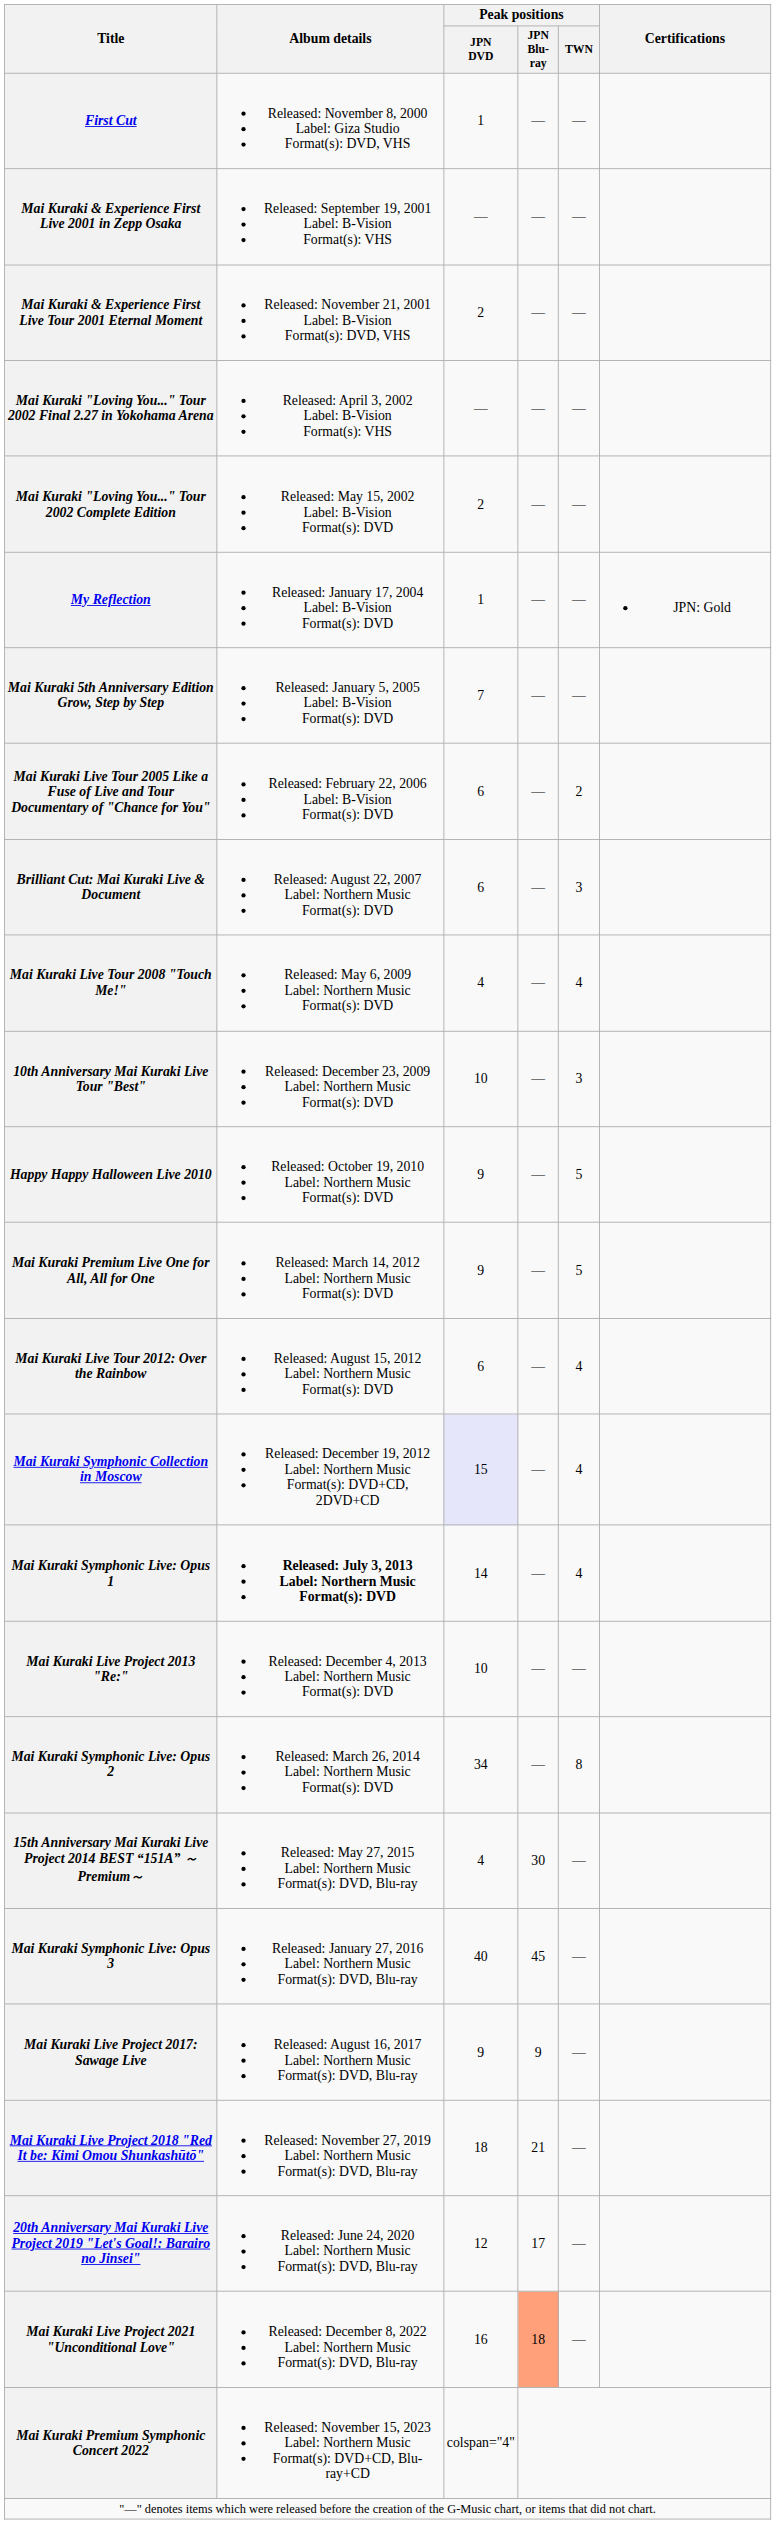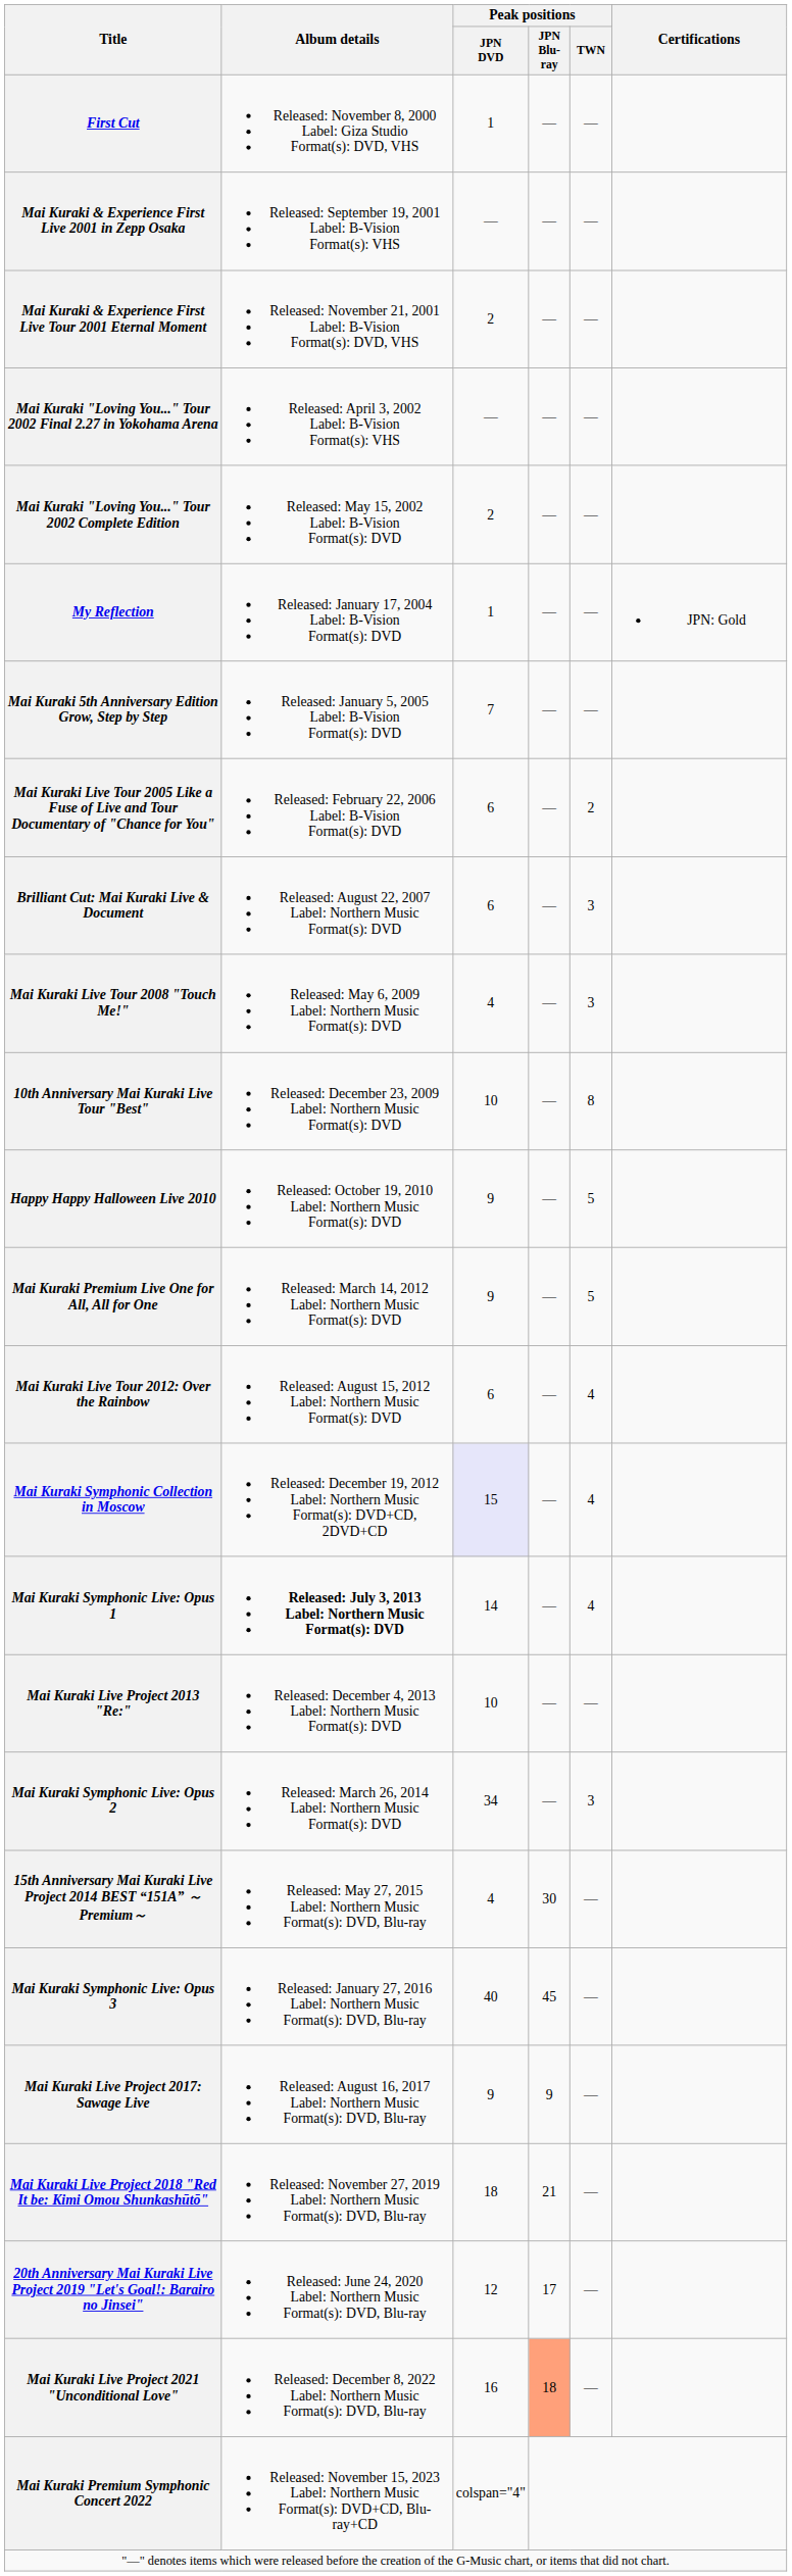 <table class="wikitable plainrowheaders" style="text-align:center;">
 <tr>
 <th style="width:15em;" rowspan="2">Title</th>
 <th style="width:16em;" rowspan="2">Album details</th>
 <th colspan="3">Peak positions</th>
 <th style="width:12em;" rowspan="2">Certifications</th>
 </tr>
 <tr>
 <th style="width:3em;font-size:85%;">JPN<br>DVD</th>
 <th style="width:3em;font-size:85%;">JPN<br>Blu-ray</th>
 <th style="width:3em;font-size:85%;">TWN<br></th>
 </tr>
 <tr>
 <th scope="row"><em><a href='#'>First Cut</a></em></th>
 <td><br><ul><li>Released: November 8, 2000</li><li>Label: Giza Studio</li><li>Format(s): DVD, VHS</li></ul></td>
 <td>1</td>
 <td>—</td>
 <td>—</td>
 <td></td>
 </tr>
 <tr>
 <th scope="row"><em>Mai Kuraki & Experience First Live 2001 in Zepp Osaka</em></th>
 <td><br><ul><li>Released: September 19, 2001</li><li>Label: B-Vision</li><li>Format(s): VHS</li></ul></td>
 <td>—</td>
 <td>—</td>
 <td>—</td>
 <td></td>
 </tr>
 <tr>
 <th scope="row"><em>Mai Kuraki & Experience First Live Tour 2001 Eternal Moment</em></th>
 <td><br><ul><li>Released: November 21, 2001</li><li>Label: B-Vision</li><li>Format(s): DVD, VHS</li></ul></td>
 <td>2</td>
 <td>—</td>
 <td>—</td>
 <td></td>
 </tr>
 <tr>
 <th scope="row"><em>Mai Kuraki "Loving You..." Tour 2002 Final 2.27 in Yokohama Arena</em></th>
 <td><br><ul><li>Released: April 3, 2002</li><li>Label: B-Vision</li><li>Format(s): VHS</li></ul></td>
 <td>—</td>
 <td>—</td>
 <td>—</td>
 <td></td>
 </tr>
 <tr>
 <th scope="row"><em>Mai Kuraki "Loving You..." Tour 2002 Complete Edition</em></th>
 <td><br><ul><li>Released: May 15, 2002</li><li>Label: B-Vision</li><li>Format(s): DVD</li></ul></td>
 <td>2</td>
 <td>—</td>
 <td>—</td>
 <td></td>
 </tr>
 <tr>
 <th scope="row"><em><a href='#'>My Reflection</a></em></th>
 <td><br><ul><li>Released: January 17, 2004</li><li>Label: B-Vision</li><li>Format(s): DVD</li></ul></td>
 <td>1</td>
 <td>—</td>
 <td>—</td>
 <td><br><ul><li>JPN: Gold</li></ul></td>
 </tr>
 <tr>
 <th scope="row"><em>Mai Kuraki 5th Anniversary Edition Grow, Step by Step</em></th>
 <td><br><ul><li>Released: January 5, 2005</li><li>Label: B-Vision</li><li>Format(s): DVD</li></ul></td>
 <td>7</td>
 <td>—</td>
 <td>—</td>
 <td></td>
 </tr>
 <tr>
 <th scope="row"><em>Mai Kuraki Live Tour 2005 Like a Fuse of Live and Tour Documentary of "Chance for You"</em></th>
 <td><br><ul><li>Released: February 22, 2006</li><li>Label: B-Vision</li><li>Format(s): DVD</li></ul></td>
 <td>6</td>
 <td>—</td>
 <td>2</td>
 <td></td>
 </tr>
 <tr>
 <th scope="row"><em>Brilliant Cut: Mai Kuraki Live & Document</em></th>
 <td><br><ul><li>Released: August 22, 2007</li><li>Label: Northern Music</li><li>Format(s): DVD</li></ul></td>
 <td>6</td>
 <td>—</td>
 <td>3</td>
 <td></td>
 </tr>
 <tr>
 <th scope="row"><em>Mai Kuraki Live Tour 2008 "Touch Me!"</em></th>
 <td><br><ul><li>Released: May 6, 2009</li><li>Label: Northern Music</li><li>Format(s): DVD</li></ul></td>
 <td>4</td>
 <td>—</td>
-<td>4</td>
+<td>3</td>
 <td></td>
 </tr>
 <tr>
 <th scope="row"><em>10th Anniversary Mai Kuraki Live Tour "Best"</em></th>
 <td><br><ul><li>Released:  December 23, 2009</li><li>Label: Northern Music</li><li>Format(s): DVD</li></ul></td>
 <td>10</td>
 <td>—</td>
-<td>3</td>
+<td>8</td>
 <td></td>
 </tr>
 <tr>
 <th scope="row"><em>Happy Happy Halloween Live 2010</em></th>
 <td><br><ul><li>Released: October 19, 2010</li><li>Label: Northern Music</li><li>Format(s): DVD</li></ul></td>
 <td>9</td>
 <td>—</td>
 <td>5</td>
 <td></td>
 </tr>
 <tr>
 <th scope="row"><em>Mai Kuraki Premium Live One for All, All for One</em></th>
 <td><br><ul><li>Released: March 14, 2012</li><li>Label: Northern Music</li><li>Format(s): DVD</li></ul></td>
 <td>9</td>
 <td>—</td>
 <td>5</td>
 <td></td>
 </tr>
 <tr>
 <th scope="row"><em>Mai Kuraki Live Tour 2012: Over the Rainbow</em></th>
 <td><br><ul><li>Released: August 15, 2012</li><li>Label: Northern Music</li><li>Format(s): DVD</li></ul></td>
 <td>6</td>
 <td>—</td>
 <td>4</td>
 <td></td>
 </tr>
 <tr>
 <th scope="row"><em><a href='#'>Mai Kuraki Symphonic Collection in Moscow</a></em></th>
 <td><br><ul><li>Released: December 19, 2012</li><li>Label: Northern Music</li><li>Format(s): DVD+CD, 2DVD+CD</li></ul></td>
 <td style="background: lavender;">15</td>
 <td>—</td>
 <td>4</td>
 <td></td>
 </tr>
 <tr>
 <th scope="row"><em>Mai Kuraki Symphonic Live: Opus 1</em></th>
 <td><strong><br><ul><li>Released: July 3, 2013</li><li>Label: Northern Music</li><li>Format(s): DVD</li></ul></strong></td>
 <td>14</td>
 <td>—</td>
 <td>4</td>
 <td></td>
 </tr>
 <tr>
 <th scope="row"><em>Mai Kuraki Live Project 2013 "Re:"</em></th>
 <td><br><ul><li>Released: December 4, 2013</li><li>Label: Northern Music</li><li>Format(s): DVD</li></ul></td>
 <td>10</td>
 <td>—</td>
 <td>—</td>
 <td></td>
 </tr>
 <tr>
 <th scope="row"><em>Mai Kuraki Symphonic Live: Opus 2</em></th>
 <td><br><ul><li>Released: March 26, 2014</li><li>Label: Northern Music</li><li>Format(s): DVD</li></ul></td>
 <td>34</td>
 <td>—</td>
-<td>8</td>
+<td>3</td>
 <td></td>
 </tr>
 <tr>
 <th scope="row"><em>15th Anniversary Mai Kuraki Live Project 2014 BEST “151A” ～Premium～</em></th>
 <td><br><ul><li>Released: May 27, 2015</li><li>Label: Northern Music</li><li>Format(s): DVD, Blu-ray</li></ul></td>
 <td>4</td>
 <td>30</td>
 <td>—</td>
 <td></td>
 </tr>
 <tr>
 <th scope="row"><em>Mai Kuraki Symphonic Live: Opus 3</em></th>
 <td><br><ul><li>Released: January 27, 2016</li><li>Label: Northern Music</li><li>Format(s): DVD, Blu-ray</li></ul></td>
 <td>40</td>
 <td>45</td>
 <td>—</td>
 <td></td>
 </tr>
 <tr>
 <th scope="row"><em>Mai Kuraki Live Project 2017: Sawage Live</em></th>
 <td><br><ul><li>Released: August 16, 2017</li><li>Label: Northern Music</li><li>Format(s): DVD, Blu-ray</li></ul></td>
 <td>9</td>
 <td>9</td>
 <td>—</td>
 <td></td>
 </tr>
 <tr>
 <th scope="row"><em><a href='#'>Mai Kuraki Live Project 2018 "Red It be: Kimi Omou Shunkashūtō"</a></em></th>
 <td><br><ul><li>Released: November 27, 2019</li><li>Label: Northern Music</li><li>Format(s): DVD, Blu-ray</li></ul></td>
 <td>18</td>
 <td>21</td>
 <td>—</td>
 <td></td>
 </tr>
 <tr>
 <th scope="row"><em><a href='#'>20th Anniversary Mai Kuraki Live Project 2019 "Let's Goal!: Barairo no Jinsei"</a></em></th>
 <td><br><ul><li>Released: June 24, 2020</li><li>Label: Northern Music</li><li>Format(s): DVD, Blu-ray</li></ul></td>
 <td>12</td>
 <td>17</td>
 <td>—</td>
 <td></td>
 </tr>
 <tr>
 <th scope="row"><em>Mai Kuraki Live Project 2021 "Unconditional Love"</em></th>
 <td><br><ul><li>Released: December 8, 2022</li><li>Label: Northern Music</li><li>Format(s): DVD, Blu-ray</li></ul></td>
 <td>16</td>
 <td style="background: lightsalmon;">18</td>
 <td>—</td>
 <td></td>
 </tr>
 <tr>
 <th scope="row"><em>Mai Kuraki Premium Symphonic Concert 2022</em></th>
 <td><br><ul><li>Released: November 15, 2023</li><li>Label: Northern Music</li><li>Format(s): DVD+CD, Blu-ray+CD</li></ul></td>
 <td>colspan="4" </td>
 </tr>
 <tr>
 <td colspan="8" align="center" style="font-size:90%;">"—" denotes items which were released before the creation of the G-Music chart, or items that did not chart.</td>
 </tr>
 </table>
